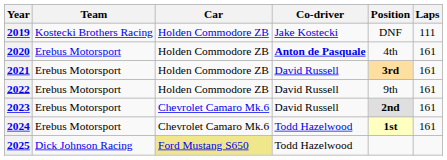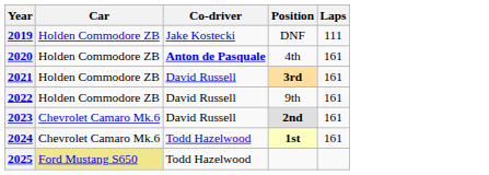 <table class="wikitable" style="font-size: 95%;">
 <tr>
 <th>Year</th>
-<th>Team</th>
 <th>Car</th>
 <th>Co-driver</th>
 <th>Position</th>
 <th>Laps</th>
 </tr>
 <tr>
 <th><a href='#'>2019</a></th>
-<td><a href='#'>Kostecki Brothers Racing</a></td>
 <td><a href='#'>Holden Commodore ZB</a></td>
 <td> <a href='#'>Jake Kostecki</a></td>
 <td align="center">DNF</td>
 <td align="center">111</td>
 </tr>
 <tr>
 <th><a href='#'>2020</a></th>
-<td><a href='#'>Erebus Motorsport</a></td>
 <td>Holden Commodore ZB</td>
 <td><strong> <a href='#'>Anton de Pasquale</a></strong></td>
 <td align="center">4th</td>
 <td align="center">161</td>
 </tr>
 <tr>
 <th><a href='#'>2021</a></th>
-<td>Erebus Motorsport</td>
 <td>Holden Commodore ZB</td>
 <td> <a href='#'>David Russell</a></td>
 <td align="center" style="background: #ffdf9f"><strong>3rd</strong></td>
 <td align="center">161</td>
 </tr>
 <tr>
 <th><a href='#'>2022</a></th>
-<td>Erebus Motorsport</td>
 <td>Holden Commodore ZB</td>
 <td> David Russell</td>
 <td align="center">9th</td>
 <td align="center">161</td>
 </tr>
 <tr>
 <th><a href='#'>2023</a></th>
-<td>Erebus Motorsport</td>
 <td><a href='#'>Chevrolet Camaro Mk.6</a></td>
 <td> David Russell</td>
 <td align="center"  style=background:#dfdfdf><strong>2nd</strong></td>
 <td align="center">161</td>
 </tr>
 <tr>
 <th><a href='#'>2024</a></th>
-<td>Erebus Motorsport</td>
 <td>Chevrolet Camaro Mk.6</td>
 <td> <a href='#'>Todd Hazelwood</a></td>
 <td align="center"  style=background:#ffffbf><strong>1st</strong></td>
 <td align="center">161</td>
 </tr>
 <tr>
 <th><a href='#'>2025</a></th>
-<td><a href='#'>Dick Johnson Racing</a></td>
 <td style="background: khaki;"><a href='#'>Ford Mustang S650</a></td>
 <td> Todd Hazelwood</td>
 <td></td>
 <td></td>
 </tr>
 </table>
